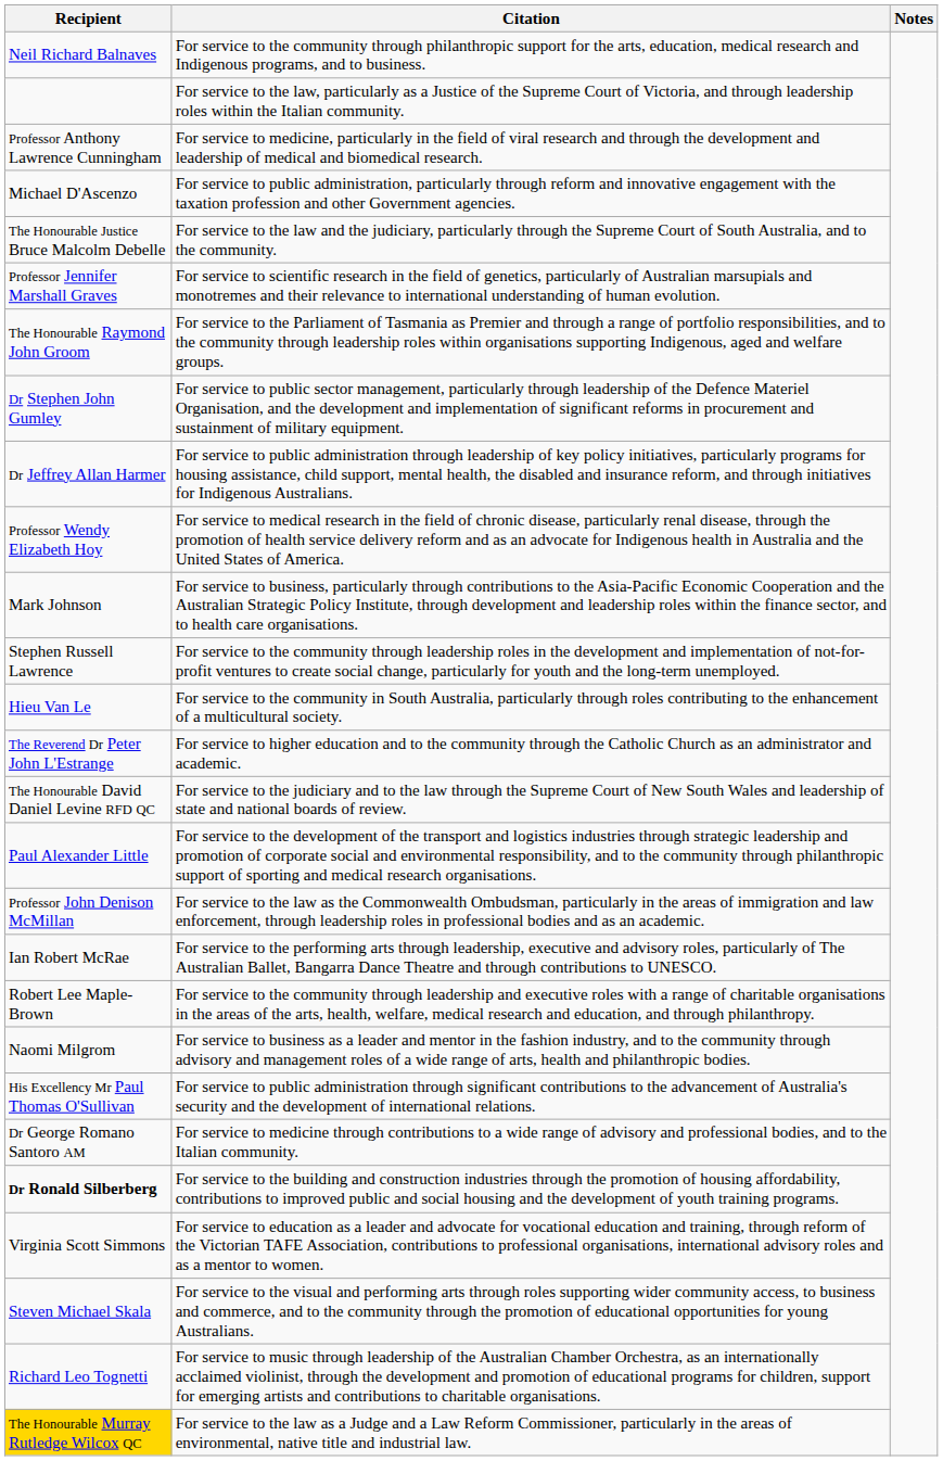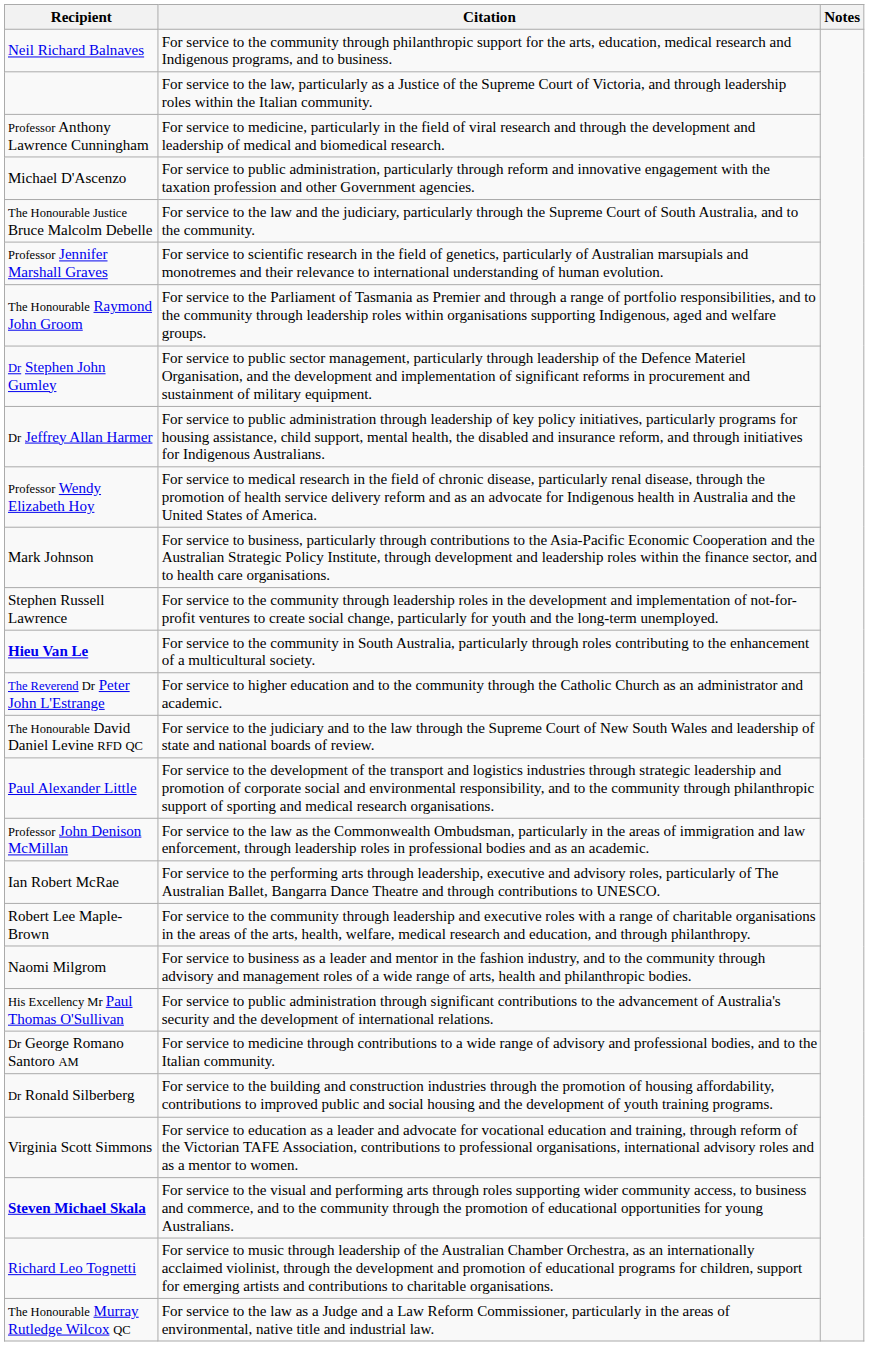 <table class="wikitable" style="font-size:95%;">
 <tr>
 <th>Recipient</th>
 <th>Citation</th>
 <th>Notes</th>
 </tr>
 <tr>
 <td><a href='#'>Neil Richard Balnaves</a></td>
 <td>For service to the community through philanthropic support for the arts, education, medical research and Indigenous programs, and to business.</td>
 <td rowspan=100></td>
 </tr>
 <tr>
 <td></td>
 <td>For service to the law, particularly as a Justice of the Supreme Court of Victoria, and through leadership roles within the Italian community.</td>
 </tr>
 <tr>
 <td><small>Professor</small> Anthony Lawrence Cunningham</td>
 <td>For service to medicine, particularly in the field of viral research and through the development and leadership of medical and biomedical research.</td>
 </tr>
 <tr>
 <td>Michael D'Ascenzo</td>
 <td>For service to public administration, particularly through reform and innovative engagement with the taxation profession and other Government agencies.</td>
 </tr>
 <tr>
 <td><small>The Honourable Justice</small> Bruce Malcolm Debelle</td>
 <td>For service to the law and the judiciary, particularly through the Supreme Court of South Australia, and to the community.</td>
 </tr>
 <tr>
 <td><small>Professor</small> <a href='#'>Jennifer Marshall Graves</a></td>
 <td>For service to scientific research in the field of genetics, particularly of Australian marsupials and monotremes and their relevance to international understanding of human evolution.</td>
 </tr>
 <tr>
 <td><small>The Honourable</small> <a href='#'>Raymond John Groom</a></td>
 <td>For service to the Parliament of Tasmania as Premier and through a range of portfolio responsibilities, and to the community through leadership roles within organisations supporting Indigenous, aged and welfare groups.</td>
 </tr>
 <tr>
 <td><small><a href='#'>Dr</a></small> <a href='#'>Stephen John Gumley</a></td>
 <td>For service to public sector management, particularly through leadership of the Defence Materiel Organisation, and the development and implementation of significant reforms in procurement and sustainment of military equipment.</td>
 </tr>
 <tr>
 <td><small>Dr</small> <a href='#'>Jeffrey Allan Harmer</a></td>
 <td>For service to public administration through leadership of key policy initiatives, particularly programs for housing assistance, child support, mental health, the disabled and insurance reform, and through initiatives for Indigenous Australians.</td>
 </tr>
 <tr>
 <td><small>Professor</small> <a href='#'>Wendy Elizabeth Hoy</a></td>
 <td>For service to medical research in the field of chronic disease, particularly renal disease, through the promotion of health service delivery reform and as an advocate for Indigenous health in Australia and the United States of America.</td>
 </tr>
 <tr>
 <td>Mark Johnson</td>
 <td>For service to business, particularly through contributions to the Asia-Pacific Economic Cooperation and the Australian Strategic Policy Institute, through development and leadership roles within the finance sector, and to health care organisations.</td>
 </tr>
 <tr>
 <td>Stephen Russell Lawrence</td>
 <td>For service to the community through leadership roles in the development and implementation of not-for-profit ventures to create social change, particularly for youth and the long-term unemployed.</td>
 </tr>
 <tr>
-<td><a href='#'>Hieu Van Le</a></td>
+<td><strong><a href='#'>Hieu Van Le</a></strong></td>
 <td>For service to the community in South Australia, particularly through roles contributing to the enhancement of a multicultural society.</td>
 </tr>
 <tr>
 <td><small><a href='#'>The Reverend</a> Dr</small> <a href='#'>Peter John L'Estrange</a></td>
 <td>For service to higher education and to the community through the Catholic Church as an administrator and academic.</td>
 </tr>
 <tr>
 <td><small>The Honourable</small> David Daniel Levine <small>RFD</small> <small>QC</small></td>
 <td>For service to the judiciary and to the law through the Supreme Court of New South Wales and leadership of state and national boards of review.</td>
 </tr>
 <tr>
 <td><a href='#'>Paul Alexander Little</a></td>
 <td>For service to the development of the transport and logistics industries through strategic leadership and promotion of corporate social and environmental responsibility, and to the community through philanthropic support of sporting and medical research organisations.</td>
 </tr>
 <tr>
 <td><small>Professor</small> <a href='#'>John Denison McMillan</a></td>
 <td>For service to the law as the Commonwealth Ombudsman, particularly in the areas of immigration and law enforcement, through leadership roles in professional bodies and as an academic.</td>
 </tr>
 <tr>
 <td>Ian Robert McRae</td>
 <td>For service to the performing arts through leadership, executive and advisory roles, particularly of The Australian Ballet, Bangarra Dance Theatre and through contributions to UNESCO.</td>
 </tr>
 <tr>
 <td>Robert Lee Maple-Brown</td>
 <td>For service to the community through leadership and executive roles with a range of charitable organisations in the areas of the arts, health, welfare, medical research and education, and through philanthropy.</td>
 </tr>
 <tr>
 <td>Naomi Milgrom</td>
 <td>For service to business as a leader and mentor in the fashion industry, and to the community through advisory and management roles of a wide range of arts, health and philanthropic bodies.</td>
 </tr>
 <tr>
 <td><small>His Excellency Mr </small> <a href='#'>Paul Thomas O'Sullivan</a></td>
 <td>For service to public administration through significant contributions to the advancement of Australia's security and the development of international relations.</td>
 </tr>
 <tr>
 <td><small>Dr</small> George Romano Santoro <small>AM</small></td>
 <td>For service to medicine through contributions to a wide range of advisory and professional bodies, and to the Italian community.</td>
 </tr>
 <tr>
-<td><strong><small>Dr</small> Ronald Silberberg</strong></td>
+<td><small>Dr</small> Ronald Silberberg</td>
 <td>For service to the building and construction industries through the promotion of housing affordability, contributions to improved public and social housing and the development of youth training programs.</td>
 </tr>
 <tr>
 <td>Virginia Scott Simmons</td>
 <td>For service to education as a leader and advocate for vocational education and training, through reform of the Victorian TAFE Association, contributions to professional organisations, international advisory roles and as a mentor to women.</td>
 </tr>
 <tr>
-<td><a href='#'>Steven Michael Skala</a></td>
+<td><strong><a href='#'>Steven Michael Skala</a></strong></td>
 <td>For service to the visual and performing arts through roles supporting wider community access, to business and commerce, and to the community through the promotion of educational opportunities for young Australians.</td>
 </tr>
 <tr>
 <td><a href='#'>Richard Leo Tognetti</a></td>
 <td>For service to music through leadership of the Australian Chamber Orchestra, as an internationally acclaimed violinist, through the development and promotion of educational programs for children, support for emerging artists and contributions to charitable organisations.</td>
 </tr>
 <tr>
-<td style="background: gold;"><small>The Honourable</small> <a href='#'>Murray Rutledge Wilcox</a> <small>QC</small></td>
+<td><small>The Honourable</small> <a href='#'>Murray Rutledge Wilcox</a> <small>QC</small></td>
 <td>For service to the law as a Judge and a Law Reform Commissioner, particularly in the areas of environmental, native title and industrial law.</td>
 </tr>
 </table>
